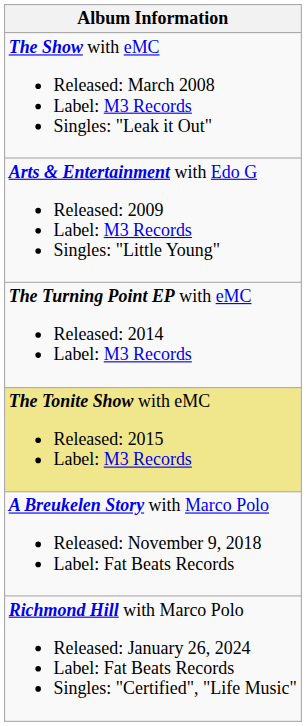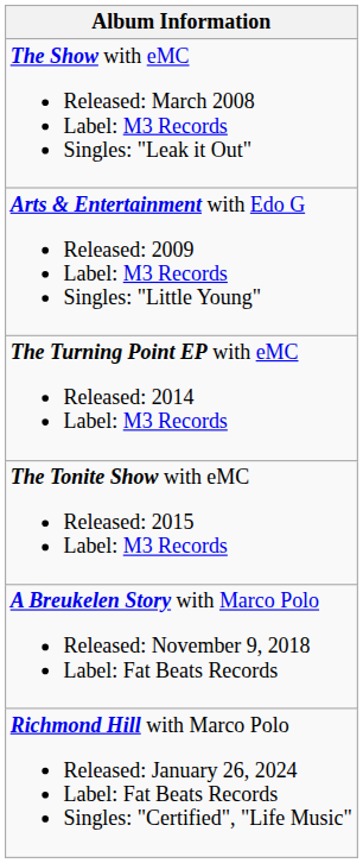 <table class="wikitable">
 <tr>
 <th align="left">Album Information</th>
 </tr>
 <tr>
 <td align="left"><strong><em><a href='#'>The Show</a></em></strong> with <a href='#'>eMC</a><br><ul><li>Released: March 2008</li><li>Label: <a href='#'>M3 Records</a></li><li>Singles: "Leak it Out"</li></ul></td>
 </tr>
 <tr>
 <td align="left"><strong><em><a href='#'>Arts & Entertainment</a></em></strong> with <a href='#'>Edo G</a><br><ul><li>Released: 2009</li><li>Label: <a href='#'>M3 Records</a></li><li>Singles: "Little Young"</li></ul></td>
 </tr>
 <tr>
 <td align="left"><strong><em>The Turning Point EP</em></strong> with <a href='#'>eMC</a><br><ul><li>Released: 2014</li><li>Label: <a href='#'>M3 Records</a></li></ul></td>
 </tr>
 <tr>
-<td align="left" style="background: khaki;"><strong><em>The Tonite Show</em></strong> with eMC<br><ul><li>Released: 2015</li><li>Label: <a href='#'>M3 Records</a></li></ul></td>
+<td align="left"><strong><em>The Tonite Show</em></strong> with eMC<br><ul><li>Released: 2015</li><li>Label: <a href='#'>M3 Records</a></li></ul></td>
 </tr>
 <tr>
 <td align="left"><strong><em><a href='#'>A Breukelen Story</a></em></strong> with <a href='#'>Marco Polo</a><br><ul><li>Released: November 9, 2018</li><li>Label: Fat Beats Records</li></ul></td>
 </tr>
 <tr>
 <td align="left"><strong><em><a href='#'>Richmond Hill</a></em></strong> with Marco Polo<br><ul><li>Released: January 26, 2024</li><li>Label: Fat Beats Records</li><li>Singles: "Certified", "Life Music"</li></ul></td>
 </tr>
 </table>
